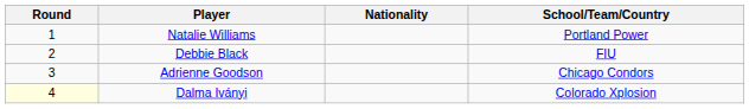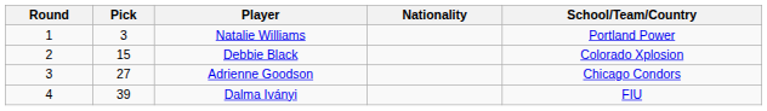 <table class="wikitable" style="text-align:center; width:60em">
 <tr>
 <th>Round</th>
+<th>Pick</th>
 <th>Player</th>
 <th>Nationality</th>
 <th>School/Team/Country</th>
 </tr>
 <tr>
 <td>1</td>
+<td>3</td>
 <td><a href='#'>Natalie Williams</a></td>
 <td></td>
 <td><a href='#'>Portland Power</a></td>
 </tr>
 <tr>
 <td>2</td>
+<td>15</td>
 <td><a href='#'>Debbie Black</a></td>
 <td></td>
-<td><a href='#'>FIU</a></td>
+<td><a href='#'>Colorado Xplosion</a></td>
 </tr>
 <tr>
 <td>3</td>
+<td>27</td>
 <td><a href='#'>Adrienne Goodson</a></td>
 <td></td>
 <td><a href='#'>Chicago Condors</a></td>
 </tr>
 <tr>
-<td style="background: lightyellow;">4</td>
+<td>4</td>
+<td>39</td>
 <td><a href='#'>Dalma Iványi</a></td>
 <td></td>
-<td><a href='#'>Colorado Xplosion</a></td>
+<td><a href='#'>FIU</a></td>
 </tr>
 </table>
